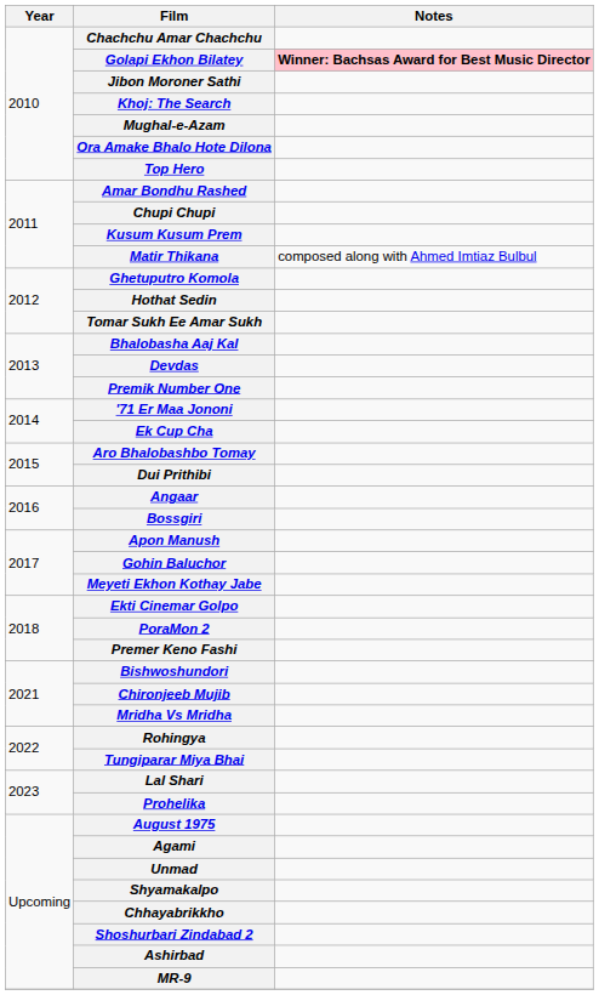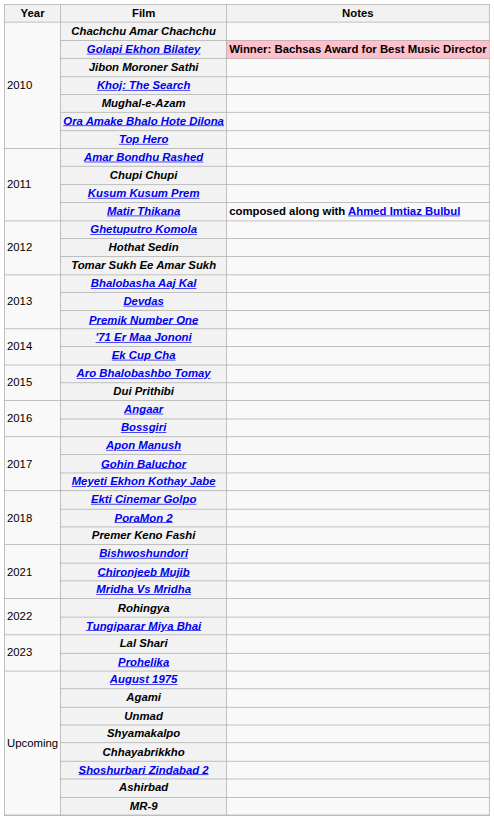 <table class="wikitable sortable">
 <tr>
 <th>Year</th>
 <th>Film</th>
 <th>Notes</th>
 </tr>
 <tr>
 <td rowspan=7>2010</td>
 <th><em>Chachchu Amar Chachchu</em></th>
 <td></td>
 </tr>
 <tr>
 <th><em><a href='#'>Golapi Ekhon Bilatey</a></em></th>
 <td style="background: pink;"><strong>Winner: Bachsas Award for Best Music Director</strong></td>
 </tr>
 <tr>
 <th><em>Jibon Moroner Sathi</em></th>
 <td></td>
 </tr>
 <tr>
 <th><em><a href='#'>Khoj: The Search</a></em></th>
 <td></td>
 </tr>
 <tr>
 <th><em>Mughal-e-Azam</em></th>
 <td></td>
 </tr>
 <tr>
 <th><em><a href='#'>Ora Amake Bhalo Hote Dilona</a></em></th>
 <td></td>
 </tr>
 <tr>
 <th><em><a href='#'>Top Hero</a></em></th>
 <td></td>
 </tr>
 <tr>
 <td rowspan=4>2011</td>
 <th><em><a href='#'>Amar Bondhu Rashed</a></em></th>
 <td></td>
 </tr>
 <tr>
 <th><em>Chupi Chupi</em></th>
 <td></td>
 </tr>
 <tr>
 <th><em><a href='#'>Kusum Kusum Prem</a></em></th>
 <td></td>
 </tr>
 <tr>
 <th><em><a href='#'>Matir Thikana</a></em></th>
-<td>composed along with <a href='#'>Ahmed Imtiaz Bulbul</a></td>
+<td><strong>composed along with <a href='#'>Ahmed Imtiaz Bulbul</a></strong></td>
 </tr>
 <tr>
 <td rowspan=3>2012</td>
 <th><em><a href='#'>Ghetuputro Komola</a></em></th>
 <td></td>
 </tr>
 <tr>
 <th><em>Hothat Sedin</em></th>
 <td></td>
 </tr>
 <tr>
 <th><em>Tomar Sukh Ee Amar Sukh</em></th>
 <td></td>
 </tr>
 <tr>
 <td rowspan=3>2013</td>
 <th><em><a href='#'>Bhalobasha Aaj Kal</a></em></th>
 <td></td>
 </tr>
 <tr>
 <th><em><a href='#'>Devdas</a></em></th>
 <td></td>
 </tr>
 <tr>
 <th><em><a href='#'>Premik Number One</a></em></th>
 <td></td>
 </tr>
 <tr>
 <td rowspan=2>2014</td>
 <th><em><a href='#'>'71 Er Maa Jononi</a></em></th>
 <td></td>
 </tr>
 <tr>
 <th><em><a href='#'>Ek Cup Cha</a></em></th>
 <td></td>
 </tr>
 <tr>
 <td rowspan=2>2015</td>
 <th><em><a href='#'>Aro Bhalobashbo Tomay</a></em></th>
 <td></td>
 </tr>
 <tr>
 <th><em>Dui Prithibi</em></th>
 <td></td>
 </tr>
 <tr>
 <td rowspan=2>2016</td>
 <th><em><a href='#'>Angaar</a></em></th>
 <td></td>
 </tr>
 <tr>
 <th><em><a href='#'>Bossgiri</a></em></th>
 <td></td>
 </tr>
 <tr>
 <td rowspan=3>2017</td>
 <th><em><a href='#'>Apon Manush</a></em></th>
 <td></td>
 </tr>
 <tr>
 <th><em><a href='#'>Gohin Baluchor</a></em></th>
 <td></td>
 </tr>
 <tr>
 <th><em><a href='#'>Meyeti Ekhon Kothay Jabe</a></em></th>
 <td></td>
 </tr>
 <tr>
 <td rowspan=3>2018</td>
 <th><em><a href='#'>Ekti Cinemar Golpo</a></em></th>
 <td></td>
 </tr>
 <tr>
 <th><em><a href='#'>PoraMon 2</a></em></th>
 <td></td>
 </tr>
 <tr>
 <th><em>Premer Keno Fashi</em></th>
 <td></td>
 </tr>
 <tr>
 <td rowspan=3>2021</td>
 <th><em><a href='#'>Bishwoshundori</a></em></th>
 <td></td>
 </tr>
 <tr>
 <th><em><a href='#'>Chironjeeb Mujib</a></em></th>
 <td></td>
 </tr>
 <tr>
 <th><em><a href='#'>Mridha Vs Mridha</a></em></th>
 <td></td>
 </tr>
 <tr>
 <td rowspan=2>2022</td>
 <th><em>Rohingya</em></th>
 <td></td>
 </tr>
 <tr>
 <th><em><a href='#'>Tungiparar Miya Bhai</a></em></th>
 <td></td>
 </tr>
 <tr>
 <td rowspan=2>2023</td>
 <th><em>Lal Shari</em></th>
 <td></td>
 </tr>
 <tr>
 <th><em><a href='#'>Prohelika</a></em></th>
 <td></td>
 </tr>
 <tr>
 <td rowspan=8>Upcoming</td>
 <th><em><a href='#'>August 1975</a></em></th>
 <td></td>
 </tr>
 <tr>
 <th><em>Agami</em></th>
 <td></td>
 </tr>
 <tr>
 <th><em>Unmad</em></th>
 <td></td>
 </tr>
 <tr>
 <th><em>Shyamakalpo</em></th>
 <td></td>
 </tr>
 <tr>
 <th><em>Chhayabrikkho</em></th>
 <td></td>
 </tr>
 <tr>
 <th><em><a href='#'>Shoshurbari Zindabad 2</a></em></th>
 <td></td>
 </tr>
 <tr>
 <th><em>Ashirbad</em></th>
 <td></td>
 </tr>
 <tr>
 <th><em>MR-9</em></th>
 <td></td>
 </tr>
 <tr>
 </tr>
 </table>
